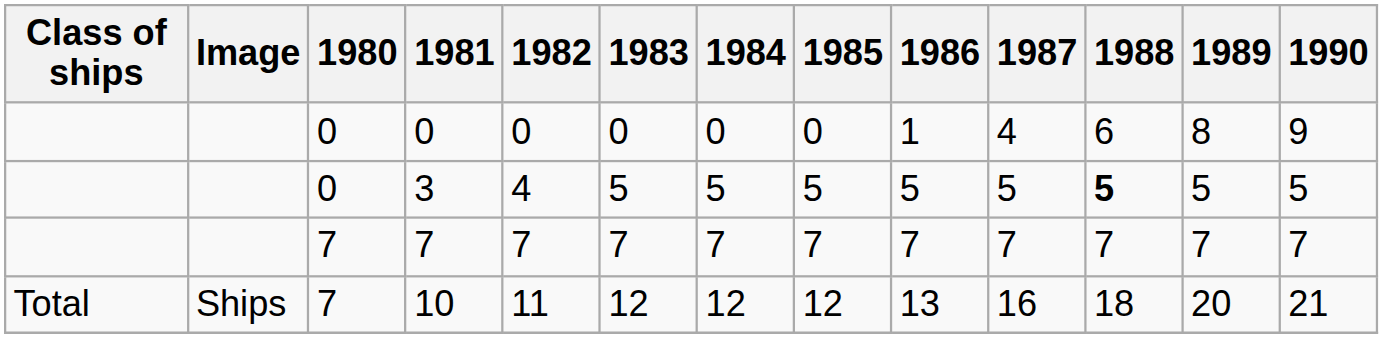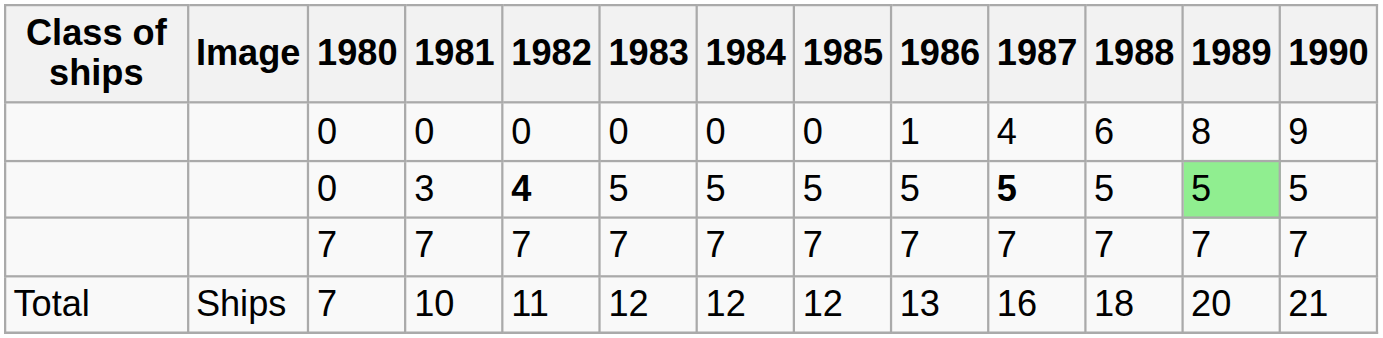 <table class="wikitable sortable collapsible collapsed">
 <tr>
 <th style="width:29%;">Class of ships</th>
 <th>Image</th>
 <th>1980</th>
 <th>1981</th>
 <th>1982</th>
 <th>1983</th>
 <th>1984</th>
 <th>1985</th>
 <th>1986</th>
 <th>1987</th>
 <th>1988</th>
 <th>1989</th>
 <th>1990</th>
 </tr>
 <tr valign="top">
 <td></td>
 <td></td>
 <td>0</td>
 <td>0</td>
 <td>0</td>
 <td>0</td>
 <td>0</td>
 <td>0</td>
 <td>1</td>
 <td>4</td>
 <td>6</td>
 <td>8</td>
 <td>9</td>
 </tr>
 <tr valign="top">
 <td></td>
 <td></td>
 <td>0</td>
 <td>3</td>
-<td>4</td>
-<td>5</td>
+<td><strong>4</strong></td>
 <td>5</td>
 <td>5</td>
 <td>5</td>
 <td>5</td>
 <td><strong>5</strong></td>
 <td>5</td>
+<td style="background: lightgreen;">5</td>
 <td>5</td>
 </tr>
 <tr valign="top">
 <td></td>
 <td></td>
 <td>7</td>
 <td>7</td>
 <td>7</td>
 <td>7</td>
 <td>7</td>
 <td>7</td>
 <td>7</td>
 <td>7</td>
 <td>7</td>
 <td>7</td>
 <td>7</td>
 </tr>
 <tr valign="top">
 <td>Total</td>
 <td>Ships</td>
 <td>7</td>
 <td>10</td>
 <td>11</td>
 <td>12</td>
 <td>12</td>
 <td>12</td>
 <td>13</td>
 <td>16</td>
 <td>18</td>
 <td>20</td>
 <td>21</td>
 </tr>
 <tr>
 </tr>
 </table>
